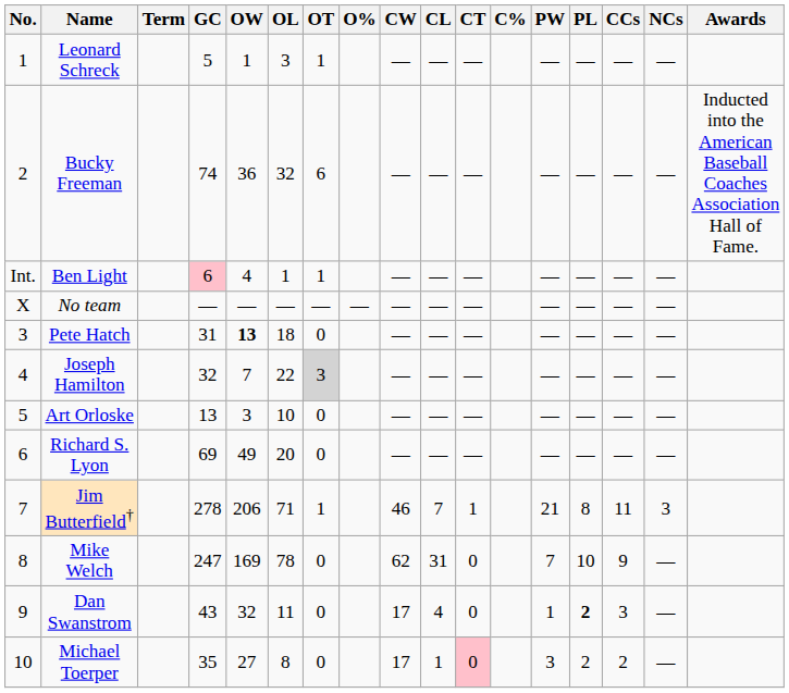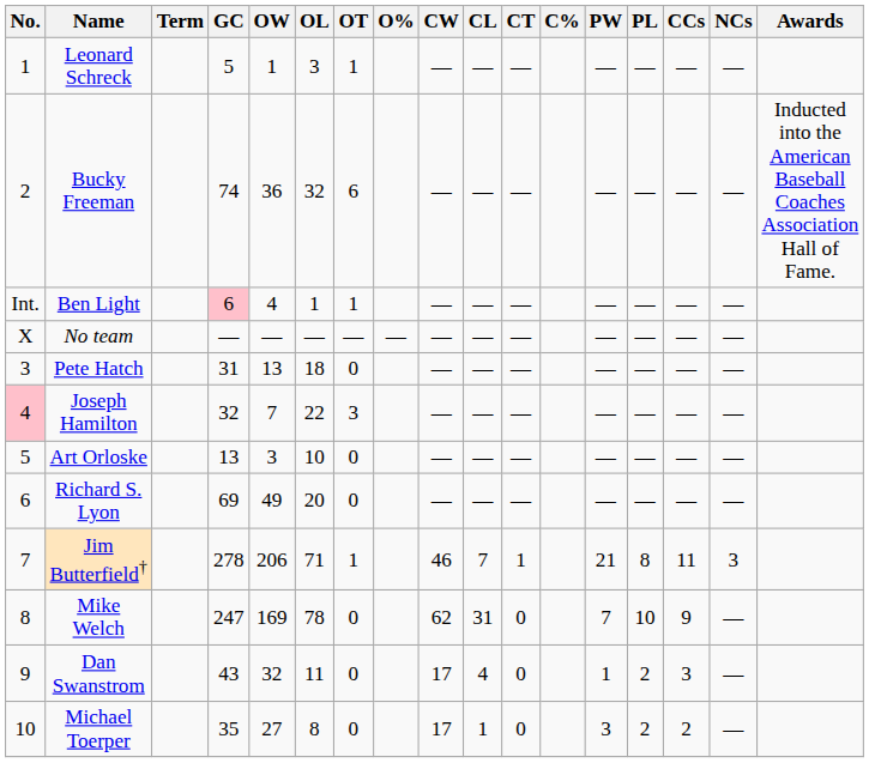 <table class="wikitable sortable" style="text-align:center">
 <tr>
 <th>No.</th>
 <th>Name</th>
 <th>Term</th>
 <th>GC</th>
 <th>OW</th>
 <th>OL</th>
 <th>OT</th>
 <th>O%</th>
 <th>CW</th>
 <th>CL</th>
 <th>CT</th>
 <th>C%</th>
 <th>PW</th>
 <th>PL</th>
 <th>CCs</th>
 <th>NCs</th>
 <th class="unsortable">Awards</th>
 </tr>
 <tr>
 <td>1</td>
 <td><a href='#'>Leonard Schreck</a></td>
 <td></td>
 <td>5</td>
 <td>1</td>
 <td>3</td>
 <td>1</td>
 <td></td>
 <td>—</td>
 <td>—</td>
 <td>—</td>
 <td></td>
 <td>—</td>
 <td>—</td>
 <td>—</td>
 <td>—</td>
 <td></td>
 </tr>
 <tr>
 <td>2</td>
 <td><a href='#'>Bucky Freeman</a></td>
 <td></td>
 <td>74</td>
 <td>36</td>
 <td>32</td>
 <td>6</td>
 <td></td>
 <td>—</td>
 <td>—</td>
 <td>—</td>
 <td></td>
 <td>—</td>
 <td>—</td>
 <td>—</td>
 <td>—</td>
 <td>Inducted into the <a href='#'>American Baseball Coaches Association</a> Hall of Fame.</td>
 </tr>
 <tr>
 <td>Int.</td>
 <td><a href='#'>Ben Light</a></td>
 <td></td>
 <td style="background: pink;">6</td>
 <td>4</td>
 <td>1</td>
 <td>1</td>
 <td></td>
 <td>—</td>
 <td>—</td>
 <td>—</td>
 <td></td>
 <td>—</td>
 <td>—</td>
 <td>—</td>
 <td>—</td>
 <td></td>
 </tr>
 <tr>
 <td>X</td>
 <td><em>No team</em></td>
 <td></td>
 <td>—</td>
 <td>—</td>
 <td>—</td>
 <td>—</td>
 <td>—</td>
 <td>—</td>
 <td>—</td>
 <td>—</td>
 <td></td>
 <td>—</td>
 <td>—</td>
 <td>—</td>
 <td>—</td>
 <td></td>
 </tr>
 <tr>
 <td>3</td>
 <td><a href='#'>Pete Hatch</a></td>
 <td></td>
 <td>31</td>
-<td><strong>13</strong></td>
+<td>13</td>
 <td>18</td>
 <td>0</td>
 <td></td>
 <td>—</td>
 <td>—</td>
 <td>—</td>
 <td></td>
 <td>—</td>
 <td>—</td>
 <td>—</td>
 <td>—</td>
 <td></td>
 </tr>
 <tr>
-<td>4</td>
+<td style="background: pink;">4</td>
 <td><a href='#'>Joseph Hamilton</a></td>
 <td></td>
 <td>32</td>
 <td>7</td>
 <td>22</td>
-<td style="background: lightgrey;">3</td>
+<td>3</td>
 <td></td>
 <td>—</td>
 <td>—</td>
 <td>—</td>
 <td></td>
 <td>—</td>
 <td>—</td>
 <td>—</td>
 <td>—</td>
 <td></td>
 </tr>
 <tr>
 <td>5</td>
 <td><a href='#'>Art Orloske</a></td>
 <td></td>
 <td>13</td>
 <td>3</td>
 <td>10</td>
 <td>0</td>
 <td></td>
 <td>—</td>
 <td>—</td>
 <td>—</td>
 <td></td>
 <td>—</td>
 <td>—</td>
 <td>—</td>
 <td>—</td>
 <td></td>
 </tr>
 <tr>
 <td>6</td>
 <td><a href='#'>Richard S. Lyon</a></td>
 <td></td>
 <td>69</td>
 <td>49</td>
 <td>20</td>
 <td>0</td>
 <td></td>
 <td>—</td>
 <td>—</td>
 <td>—</td>
 <td></td>
 <td>—</td>
 <td>—</td>
 <td>—</td>
 <td>—</td>
 <td></td>
 </tr>
 <tr>
 <td>7</td>
 <td bgcolor=#FFE6BD><a href='#'>Jim Butterfield</a><sup>†</sup></td>
 <td></td>
 <td>278</td>
 <td>206</td>
 <td>71</td>
 <td>1</td>
 <td></td>
 <td>46</td>
 <td>7</td>
 <td>1</td>
 <td></td>
 <td>21</td>
 <td>8</td>
 <td>11</td>
 <td>3</td>
 <td></td>
 </tr>
 <tr>
 <td>8</td>
 <td><a href='#'>Mike Welch</a></td>
 <td></td>
 <td>247</td>
 <td>169</td>
 <td>78</td>
 <td>0</td>
 <td></td>
 <td>62</td>
 <td>31</td>
 <td>0</td>
 <td></td>
 <td>7</td>
 <td>10</td>
 <td>9</td>
 <td>—</td>
 <td></td>
 </tr>
 <tr>
 <td>9</td>
 <td><a href='#'>Dan Swanstrom</a></td>
 <td></td>
 <td>43</td>
 <td>32</td>
 <td>11</td>
 <td>0</td>
 <td></td>
 <td>17</td>
 <td>4</td>
 <td>0</td>
 <td></td>
 <td>1</td>
-<td><strong>2</strong></td>
+<td>2</td>
 <td>3</td>
 <td>—</td>
 <td></td>
 </tr>
 <tr>
 <td>10</td>
 <td><a href='#'>Michael Toerper</a></td>
 <td></td>
 <td>35</td>
 <td>27</td>
 <td>8</td>
 <td>0</td>
 <td></td>
 <td>17</td>
 <td>1</td>
-<td style="background: pink;">0</td>
+<td>0</td>
 <td></td>
 <td>3</td>
 <td>2</td>
 <td>2</td>
 <td>—</td>
 <td></td>
 </tr>
 <tr>
 </tr>
 </table>
